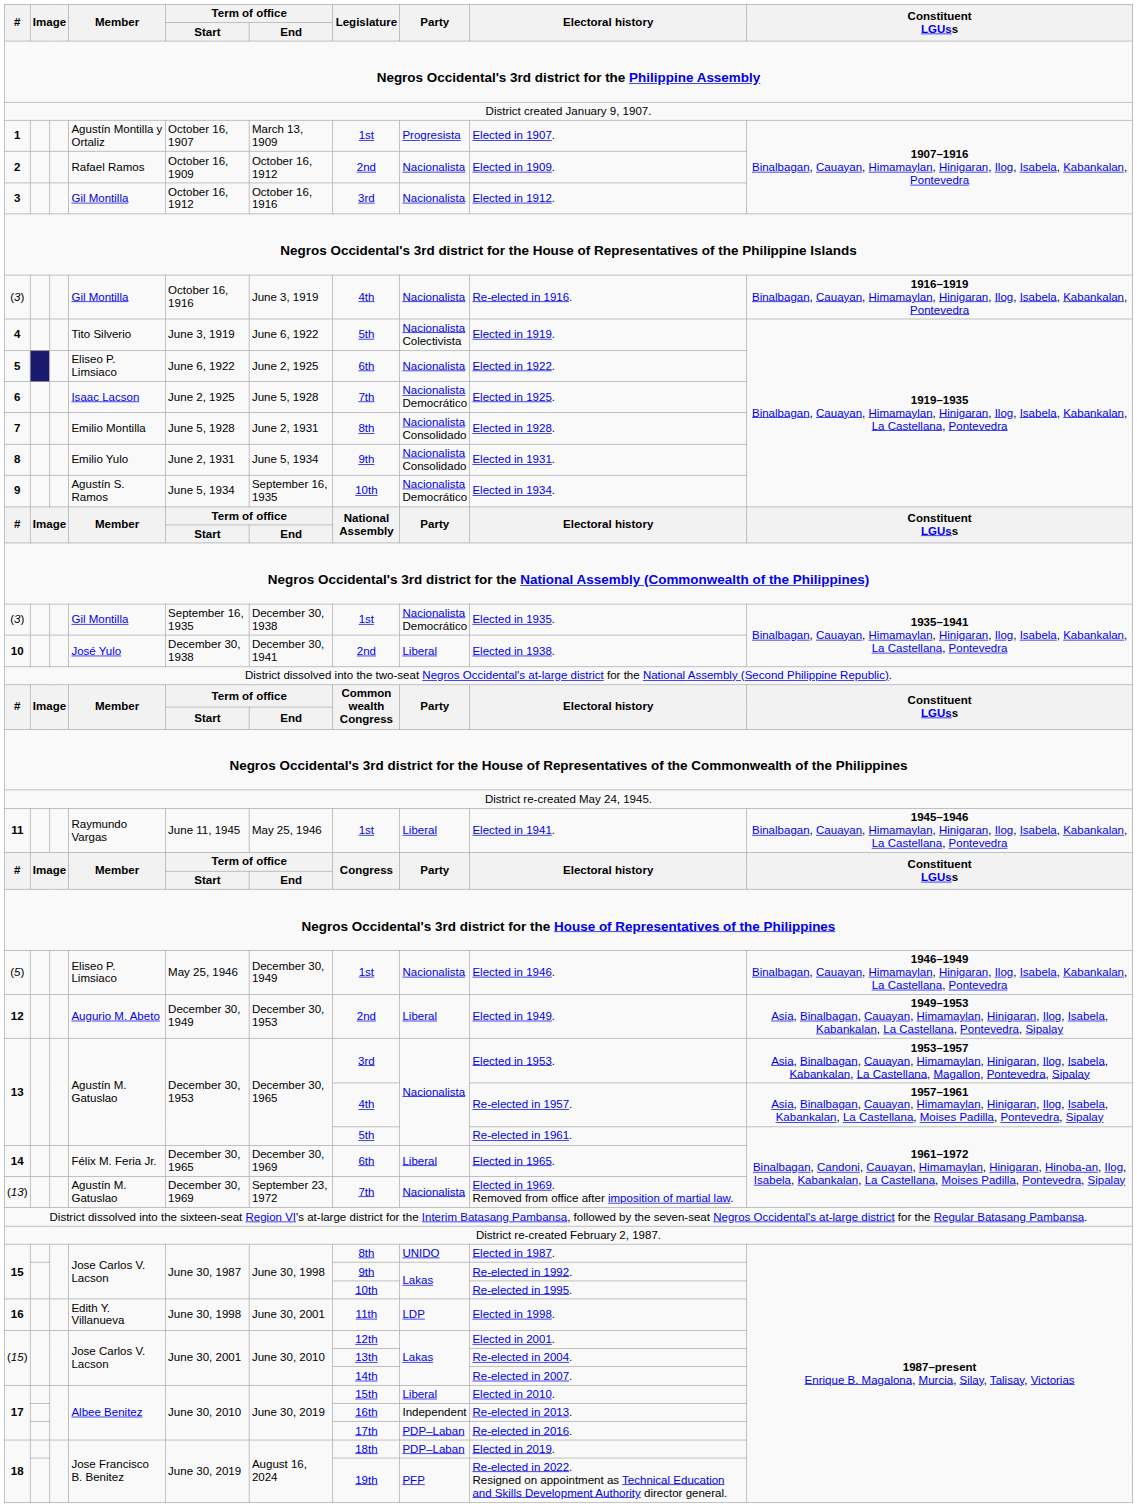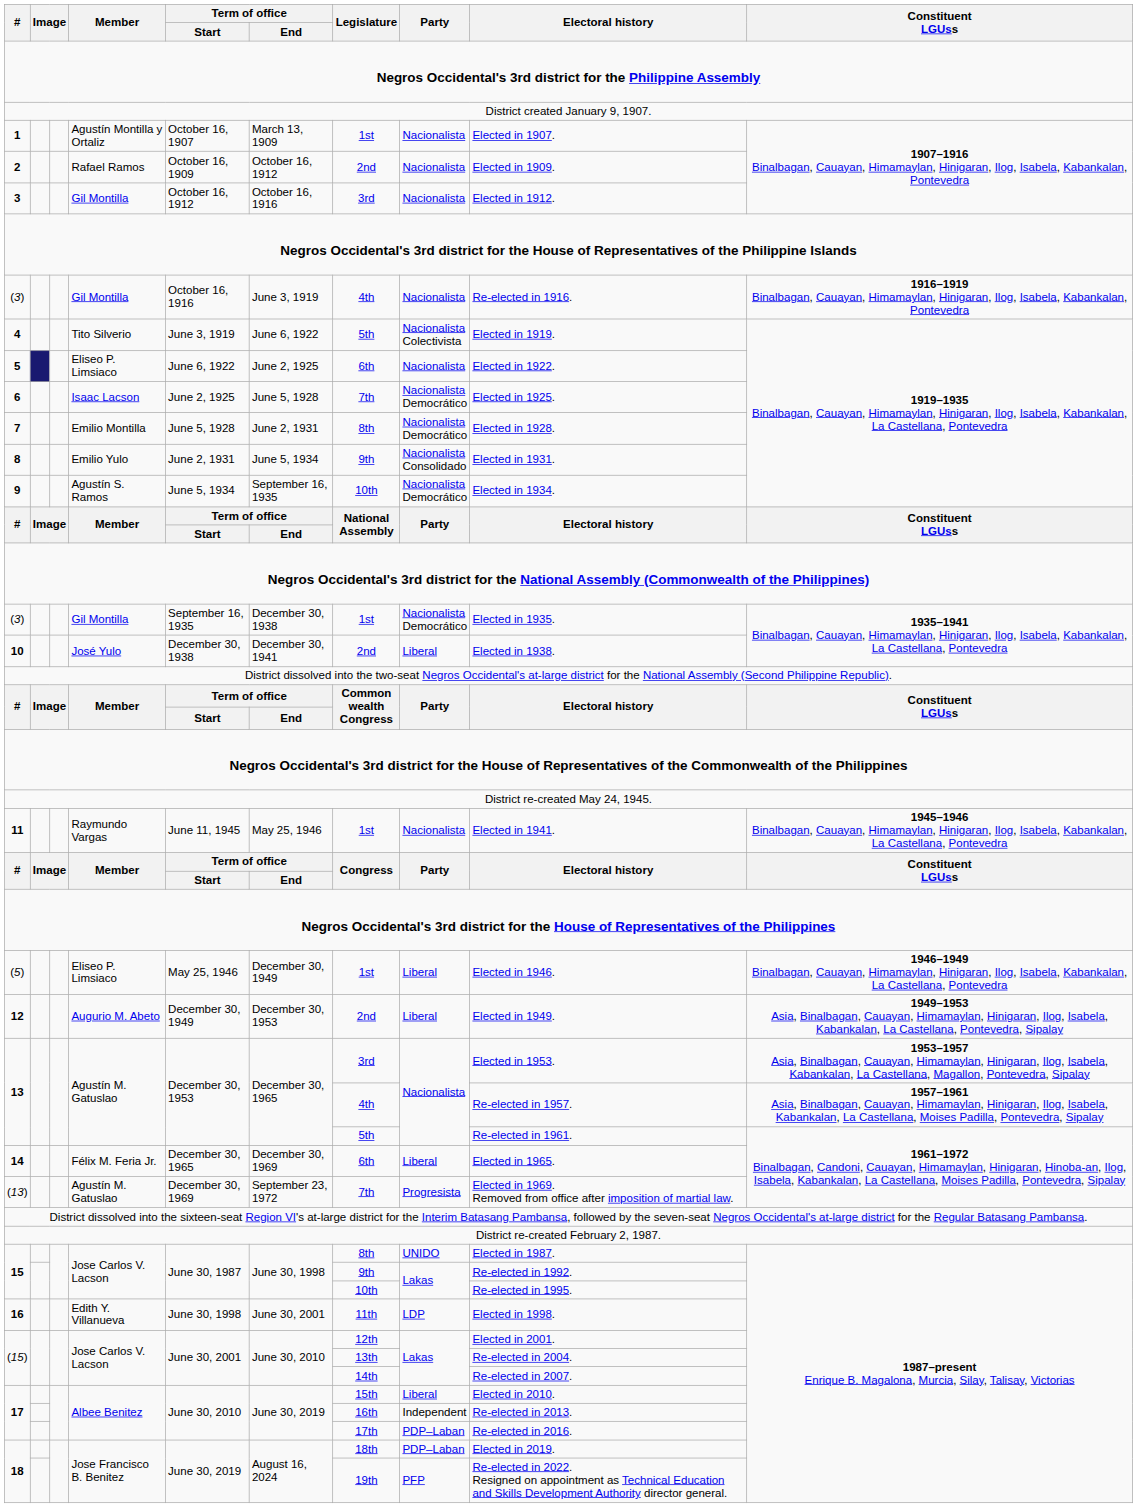 <table class=wikitable>
 <tr>
 <th rowspan="2">#</th>
 <th rowspan="2" colspan=2>Image</th>
 <th rowspan="2">Member</th>
 <th colspan=2>Term of office</th>
 <th rowspan="2">Legislature</th>
 <th rowspan="2">Party</th>
 <th rowspan="2">Electoral history</th>
 <th rowspan="2">Constituent<br><a href='#'>LGUs</a>s</th>
 </tr>
 <tr>
 <th>Start</th>
 <th>End</th>
 </tr>
 <tr>
 <td colspan="10" style="text-align:center;"><br><h3>Negros Occidental's 3rd district for the <a href='#'>Philippine Assembly</a></h3></td>
 </tr>
 <tr>
 <td colspan="10" style="text-align:center;">District created January 9, 1907.</td>
 </tr>
 <tr>
 <td style="text-align:center;"><strong>1</strong></td>
 <td style="color:inherit;background:"></td>
 <td></td>
 <td>Agustín Montilla y Ortaliz</td>
 <td>October 16, 1907</td>
 <td>March 13, 1909</td>
 <td style="text-align:center;"><a href='#'>1st</a></td>
-<td><a href='#'>Progresista</a></td>
+<td><a href='#'>Nacionalista</a></td>
 <td><a href='#'>Elected in 1907</a>.</td>
 <td rowspan="3" style="text-align:center;"><strong>1907–1916</strong><br><a href='#'>Binalbagan</a>, <a href='#'>Cauayan</a>, <a href='#'>Himamaylan</a>, <a href='#'>Hinigaran</a>, <a href='#'>Ilog</a>, <a href='#'>Isabela</a>, <a href='#'>Kabankalan</a>, <a href='#'>Pontevedra</a></td>
 </tr>
 <tr>
 <td style="text-align:center;"><strong>2</strong></td>
 <td style="color:inherit;background:"></td>
 <td></td>
 <td>Rafael Ramos</td>
 <td>October 16, 1909</td>
 <td>October 16, 1912</td>
 <td style="text-align:center;"><a href='#'>2nd</a></td>
 <td><a href='#'>Nacionalista</a></td>
 <td><a href='#'>Elected in 1909</a>.</td>
 </tr>
 <tr>
 <td style="text-align:center;"><strong>3</strong></td>
 <td style="color:inherit;background:"></td>
 <td></td>
 <td><a href='#'>Gil Montilla</a></td>
 <td>October 16, 1912</td>
 <td>October 16, 1916</td>
 <td style="text-align:center;"><a href='#'>3rd</a></td>
 <td><a href='#'>Nacionalista</a></td>
 <td><a href='#'>Elected in 1912</a>.</td>
 </tr>
 <tr>
 <td colspan="10" style="text-align:center;"><br><h3>Negros Occidental's 3rd district for the House of Representatives of the Philippine Islands</h3></td>
 </tr>
 <tr>
 <td style="text-align:center;">(<em>3</em>)</td>
 <td style="color:inherit;background:"></td>
 <td></td>
 <td><a href='#'>Gil Montilla</a></td>
 <td>October 16, 1916</td>
 <td>June 3, 1919</td>
 <td style="text-align:center;"><a href='#'>4th</a></td>
 <td><a href='#'>Nacionalista</a></td>
 <td><a href='#'>Re-elected in 1916</a>.</td>
 <td style="text-align:center;"><strong>1916–1919</strong><br><a href='#'>Binalbagan</a>, <a href='#'>Cauayan</a>, <a href='#'>Himamaylan</a>, <a href='#'>Hinigaran</a>, <a href='#'>Ilog</a>, <a href='#'>Isabela</a>, <a href='#'>Kabankalan</a>, <a href='#'>Pontevedra</a></td>
 </tr>
 <tr>
 <td style="text-align:center;"><strong>4</strong></td>
 <td style="color:inherit;background:"></td>
 <td></td>
 <td>Tito Silverio</td>
 <td>June 3, 1919</td>
 <td>June 6, 1922</td>
 <td style="text-align:center;"><a href='#'>5th</a></td>
 <td><a href='#'>Nacionalista</a><br>Colectivista</td>
 <td><a href='#'>Elected in 1919</a>.</td>
 <td rowspan="6" style="text-align:center;"><strong>1919–1935</strong><br><a href='#'>Binalbagan</a>, <a href='#'>Cauayan</a>, <a href='#'>Himamaylan</a>, <a href='#'>Hinigaran</a>, <a href='#'>Ilog</a>, <a href='#'>Isabela</a>, <a href='#'>Kabankalan</a>, <a href='#'>La Castellana</a>, <a href='#'>Pontevedra</a></td>
 </tr>
 <tr>
 <td style="text-align:center;"><strong>5</strong></td>
 <td style="background-color:#191970"></td>
 <td></td>
 <td>Eliseo P. Limsiaco</td>
 <td>June 6, 1922</td>
 <td>June 2, 1925</td>
 <td style="text-align:center;"><a href='#'>6th</a></td>
 <td><a href='#'>Nacionalista</a></td>
 <td><a href='#'>Elected in 1922</a>.</td>
 </tr>
 <tr>
 <td style="text-align:center;"><strong>6</strong></td>
 <td style="color:inherit;background:"></td>
 <td></td>
 <td><a href='#'>Isaac Lacson</a></td>
 <td>June 2, 1925</td>
 <td>June 5, 1928</td>
 <td style="text-align:center;"><a href='#'>7th</a></td>
 <td><a href='#'>Nacionalista</a><br>Democrático</td>
 <td><a href='#'>Elected in 1925</a>.</td>
 </tr>
 <tr>
 <td style="text-align:center;"><strong>7</strong></td>
 <td style="color:inherit;background:"></td>
 <td></td>
 <td>Emilio Montilla</td>
 <td>June 5, 1928</td>
 <td>June 2, 1931</td>
 <td style="text-align:center;"><a href='#'>8th</a></td>
-<td><a href='#'>Nacionalista</a><br>Consolidado</td>
+<td><a href='#'>Nacionalista</a><br>Democrático</td>
 <td><a href='#'>Elected in 1928</a>.</td>
 </tr>
 <tr>
 <td style="text-align:center;"><strong>8</strong></td>
 <td style="color:inherit;background:"></td>
 <td></td>
 <td>Emilio Yulo</td>
 <td>June 2, 1931</td>
 <td>June 5, 1934</td>
 <td style="text-align:center;"><a href='#'>9th</a></td>
 <td><a href='#'>Nacionalista</a><br>Consolidado</td>
 <td><a href='#'>Elected in 1931</a>.</td>
 </tr>
 <tr>
 <td style="text-align:center;"><strong>9</strong></td>
 <td style="color:inherit;background:"></td>
 <td></td>
 <td>Agustín S. Ramos</td>
 <td>June 5, 1934</td>
 <td>September 16, 1935</td>
 <td style="text-align:center;"><a href='#'>10th</a></td>
 <td><a href='#'>Nacionalista</a><br>Democrático</td>
 <td><a href='#'>Elected in 1934</a>.</td>
 </tr>
 <tr>
 <th rowspan="2">#</th>
 <th rowspan="2" colspan=2>Image</th>
 <th rowspan="2">Member</th>
 <th colspan=2>Term of office</th>
 <th rowspan="2">National<br>Assembly</th>
 <th rowspan="2">Party</th>
 <th rowspan="2">Electoral history</th>
 <th rowspan="2">Constituent<br><a href='#'>LGUs</a>s</th>
 </tr>
 <tr>
 <th>Start</th>
 <th>End</th>
 </tr>
 <tr>
 <td colspan="10" style="text-align:center;"><br><h3>Negros Occidental's 3rd district for the <a href='#'>National Assembly (Commonwealth of the Philippines)</a></h3></td>
 </tr>
 <tr>
 <td style="text-align:center;">(<em>3</em>)</td>
 <td style="color:inherit;background:"></td>
 <td></td>
 <td><a href='#'>Gil Montilla</a></td>
 <td>September 16, 1935</td>
 <td>December 30, 1938</td>
 <td style="text-align:center;"><a href='#'>1st</a></td>
 <td><a href='#'>Nacionalista</a><br>Democrático</td>
 <td><a href='#'>Elected in 1935</a>.</td>
 <td rowspan="2" style="text-align:center;"><strong>1935–1941</strong><br><a href='#'>Binalbagan</a>, <a href='#'>Cauayan</a>, <a href='#'>Himamaylan</a>, <a href='#'>Hinigaran</a>, <a href='#'>Ilog</a>, <a href='#'>Isabela</a>, <a href='#'>Kabankalan</a>, <a href='#'>La Castellana</a>, <a href='#'>Pontevedra</a></td>
 </tr>
 <tr>
 <td style="text-align:center;"><strong>10</strong></td>
 <td style="color:inherit;background:"></td>
 <td></td>
 <td><a href='#'>José Yulo</a></td>
 <td>December 30, 1938</td>
 <td>December 30, 1941</td>
 <td style="text-align:center;"><a href='#'>2nd</a></td>
 <td><a href='#'>Liberal</a></td>
 <td><a href='#'>Elected in 1938</a>.</td>
 </tr>
 <tr>
 <td colspan="10" style="text-align:center;">District dissolved into the two-seat <a href='#'>Negros Occidental's at-large district</a> for the <a href='#'>National Assembly (Second Philippine Republic)</a>.</td>
 </tr>
 <tr>
 <th rowspan="2">#</th>
 <th rowspan="2" colspan=2>Image</th>
 <th rowspan="2">Member</th>
 <th colspan=2>Term of office</th>
 <th rowspan="2">Common<br>wealth<br>Congress</th>
 <th rowspan="2">Party</th>
 <th rowspan="2">Electoral history</th>
 <th rowspan="2">Constituent<br><a href='#'>LGUs</a>s</th>
 </tr>
 <tr>
 <th>Start</th>
 <th>End</th>
 </tr>
 <tr>
 <td colspan="10" style="text-align:center;"><br><h3>Negros Occidental's 3rd district for the House of Representatives of the Commonwealth of the Philippines</h3></td>
 </tr>
 <tr>
 <td colspan="10" style="text-align:center;">District re-created May 24, 1945.</td>
 </tr>
 <tr>
 <td style="text-align:center;"><strong>11</strong></td>
 <td style="color:inherit;background:"></td>
 <td></td>
 <td>Raymundo Vargas</td>
 <td>June 11, 1945</td>
 <td>May 25, 1946</td>
 <td style="text-align:center;"><a href='#'>1st</a></td>
-<td><a href='#'>Liberal</a></td>
+<td><a href='#'>Nacionalista</a></td>
 <td><a href='#'>Elected in 1941</a>.</td>
 <td style="text-align:center;"><strong>1945–1946</strong><br><a href='#'>Binalbagan</a>, <a href='#'>Cauayan</a>, <a href='#'>Himamaylan</a>, <a href='#'>Hinigaran</a>, <a href='#'>Ilog</a>, <a href='#'>Isabela</a>, <a href='#'>Kabankalan</a>, <a href='#'>La Castellana</a>, <a href='#'>Pontevedra</a></td>
 </tr>
 <tr>
 <th rowspan="2">#</th>
 <th rowspan="2" colspan=2>Image</th>
 <th rowspan="2">Member</th>
 <th colspan=2>Term of office</th>
 <th rowspan="2">Congress</th>
 <th rowspan="2">Party</th>
 <th rowspan="2">Electoral history</th>
 <th rowspan="2">Constituent<br><a href='#'>LGUs</a>s</th>
 </tr>
 <tr>
 <th>Start</th>
 <th>End</th>
 </tr>
 <tr>
 <td colspan="10" style="text-align:center;"><br><h3>Negros Occidental's 3rd district for the <a href='#'>House of Representatives of the Philippines</a></h3></td>
 </tr>
 <tr>
 <td style="text-align:center;">(<em>5</em>)</td>
 <td style="color:inherit;background:"></td>
 <td></td>
 <td>Eliseo P. Limsiaco</td>
 <td>May 25, 1946</td>
 <td>December 30, 1949</td>
 <td style="text-align:center;"><a href='#'>1st</a></td>
-<td><a href='#'>Nacionalista</a></td>
+<td><a href='#'>Liberal</a></td>
 <td><a href='#'>Elected in 1946</a>.</td>
 <td style="text-align:center;"><strong>1946–1949</strong><br><a href='#'>Binalbagan</a>, <a href='#'>Cauayan</a>, <a href='#'>Himamaylan</a>, <a href='#'>Hinigaran</a>, <a href='#'>Ilog</a>, <a href='#'>Isabela</a>, <a href='#'>Kabankalan</a>, <a href='#'>La Castellana</a>, <a href='#'>Pontevedra</a></td>
 </tr>
 <tr>
 <td style="text-align:center;"><strong>12</strong></td>
 <td style="color:inherit;background:"></td>
 <td></td>
 <td><a href='#'>Augurio M. Abeto</a></td>
 <td>December 30, 1949</td>
 <td>December 30, 1953</td>
 <td style="text-align:center;"><a href='#'>2nd</a></td>
 <td><a href='#'>Liberal</a></td>
 <td><a href='#'>Elected in 1949</a>.</td>
 <td style="text-align:center;"><strong>1949–1953</strong><br><a href='#'>Asia</a>, <a href='#'>Binalbagan</a>, <a href='#'>Cauayan</a>, <a href='#'>Himamaylan</a>, <a href='#'>Hinigaran</a>, <a href='#'>Ilog</a>, <a href='#'>Isabela</a>, <a href='#'>Kabankalan</a>, <a href='#'>La Castellana</a>, <a href='#'>Pontevedra</a>, <a href='#'>Sipalay</a></td>
 </tr>
 <tr>
 <td rowspan="3" style="text-align:center;"><strong>13</strong></td>
 <td rowspan="3" style="color:inherit;background:"></td>
 <td rowspan="3"></td>
 <td rowspan="3">Agustín M. Gatuslao</td>
 <td rowspan="3">December 30, 1953</td>
 <td rowspan="3">December 30, 1965</td>
 <td style="text-align:center;"><a href='#'>3rd</a></td>
 <td rowspan="3"><a href='#'>Nacionalista</a></td>
 <td><a href='#'>Elected in 1953</a>.</td>
 <td style="text-align:center;"><strong>1953–1957</strong><br><a href='#'>Asia</a>, <a href='#'>Binalbagan</a>, <a href='#'>Cauayan</a>, <a href='#'>Himamaylan</a>, <a href='#'>Hinigaran</a>, <a href='#'>Ilog</a>, <a href='#'>Isabela</a>, <a href='#'>Kabankalan</a>, <a href='#'>La Castellana</a>, <a href='#'>Magallon</a>, <a href='#'>Pontevedra</a>, <a href='#'>Sipalay</a></td>
 </tr>
 <tr>
 <td style="text-align:center;"><a href='#'>4th</a></td>
 <td><a href='#'>Re-elected in 1957</a>.</td>
 <td style="text-align:center;"><strong>1957–1961</strong><br><a href='#'>Asia</a>, <a href='#'>Binalbagan</a>, <a href='#'>Cauayan</a>, <a href='#'>Himamaylan</a>, <a href='#'>Hinigaran</a>, <a href='#'>Ilog</a>, <a href='#'>Isabela</a>, <a href='#'>Kabankalan</a>, <a href='#'>La Castellana</a>, <a href='#'>Moises Padilla</a>, <a href='#'>Pontevedra</a>, <a href='#'>Sipalay</a></td>
 </tr>
 <tr>
 <td style="text-align:center;"><a href='#'>5th</a></td>
 <td><a href='#'>Re-elected in 1961</a>.</td>
 <td rowspan="3" style="text-align:center;"><strong>1961–1972</strong><br><a href='#'>Binalbagan</a>, <a href='#'>Candoni</a>, <a href='#'>Cauayan</a>, <a href='#'>Himamaylan</a>, <a href='#'>Hinigaran</a>, <a href='#'>Hinoba-an</a>, <a href='#'>Ilog</a>, <a href='#'>Isabela</a>, <a href='#'>Kabankalan</a>, <a href='#'>La Castellana</a>, <a href='#'>Moises Padilla</a>, <a href='#'>Pontevedra</a>, <a href='#'>Sipalay</a></td>
 </tr>
 <tr>
 <td style="text-align:center;"><strong>14</strong></td>
 <td style="color:inherit;background:"></td>
 <td></td>
 <td>Félix M. Feria Jr.</td>
 <td>December 30, 1965</td>
 <td>December 30, 1969</td>
 <td style="text-align:center;"><a href='#'>6th</a></td>
 <td><a href='#'>Liberal</a></td>
 <td><a href='#'>Elected in 1965</a>.</td>
 </tr>
 <tr>
 <td style="text-align:center;">(<em>13</em>)</td>
 <td style="color:inherit;background:"></td>
 <td></td>
 <td>Agustín M. Gatuslao</td>
 <td>December 30, 1969</td>
 <td>September 23, 1972</td>
 <td style="text-align:center;"><a href='#'>7th</a></td>
-<td><a href='#'>Nacionalista</a></td>
+<td><a href='#'>Progresista</a></td>
 <td><a href='#'>Elected in 1969</a>.<br>Removed from office after <a href='#'>imposition of martial law</a>.</td>
 </tr>
 <tr>
 <td colspan="10" style="text-align:center;">District dissolved into the sixteen-seat <a href='#'>Region VI</a>'s at-large district for the <a href='#'>Interim Batasang Pambansa</a>, followed by the seven-seat <a href='#'>Negros Occidental's at-large district</a> for the <a href='#'>Regular Batasang Pambansa</a>.</td>
 </tr>
 <tr>
 <td colspan="10" style="text-align:center;">District re-created February 2, 1987.</td>
 </tr>
 <tr>
 <td rowspan="3" style="text-align:center;"><strong>15</strong></td>
 <td style="color:inherit;background:"></td>
 <td rowspan="3"></td>
 <td rowspan="3">Jose Carlos V. Lacson</td>
 <td rowspan="3">June 30, 1987</td>
 <td rowspan="3">June 30, 1998</td>
 <td style="text-align:center;"><a href='#'>8th</a></td>
 <td><a href='#'>UNIDO</a></td>
 <td><a href='#'>Elected in 1987</a>.</td>
 <td rowspan="13" style="text-align:center;"><strong>1987–present</strong><br><a href='#'>Enrique B. Magalona</a>, <a href='#'>Murcia</a>, <a href='#'>Silay</a>, <a href='#'>Talisay</a>, <a href='#'>Victorias</a></td>
 </tr>
 <tr>
 <td rowspan="2" style="color:inherit;background:"></td>
 <td style="text-align:center;"><a href='#'>9th</a></td>
 <td rowspan="2"><a href='#'>Lakas</a></td>
 <td><a href='#'>Re-elected in 1992</a>.</td>
 </tr>
 <tr>
 <td style="text-align:center;"><a href='#'>10th</a></td>
 <td><a href='#'>Re-elected in 1995</a>.</td>
 </tr>
 <tr>
 <td style="text-align:center;"><strong>16</strong></td>
 <td style="color:inherit;background:"></td>
 <td></td>
 <td>Edith Y. Villanueva</td>
 <td>June 30, 1998</td>
 <td>June 30, 2001</td>
 <td style="text-align:center;"><a href='#'>11th</a></td>
 <td><a href='#'>LDP</a></td>
 <td><a href='#'>Elected in 1998</a>.</td>
 </tr>
 <tr>
 <td rowspan="3" style="text-align:center;">(<em>15</em>)</td>
 <td rowspan="3" style="color:inherit;background:"></td>
 <td rowspan="3"></td>
 <td rowspan="3">Jose Carlos V. Lacson</td>
 <td rowspan="3">June 30, 2001</td>
 <td rowspan="3">June 30, 2010</td>
 <td style="text-align:center;"><a href='#'>12th</a></td>
 <td rowspan="3"><a href='#'>Lakas</a></td>
 <td><a href='#'>Elected in 2001</a>.</td>
 </tr>
 <tr>
 <td style="text-align:center;"><a href='#'>13th</a></td>
 <td><a href='#'>Re-elected in 2004</a>.</td>
 </tr>
 <tr>
 <td style="text-align:center;"><a href='#'>14th</a></td>
 <td><a href='#'>Re-elected in 2007</a>.</td>
 </tr>
 <tr>
 <td rowspan="3" style="text-align:center;"><strong>17</strong></td>
 <td style="color:inherit;background:"></td>
 <td rowspan="3"></td>
 <td rowspan="3"><a href='#'>Albee Benitez</a></td>
 <td rowspan="3">June 30, 2010</td>
 <td rowspan="3">June 30, 2019</td>
 <td style="text-align:center;"><a href='#'>15th</a></td>
 <td><a href='#'>Liberal</a></td>
 <td><a href='#'>Elected in 2010</a>.</td>
 </tr>
 <tr>
 <td style="color:inherit;background:"></td>
 <td style="text-align:center;"><a href='#'>16th</a></td>
 <td>Independent</td>
 <td><a href='#'>Re-elected in 2013</a>.</td>
 </tr>
 <tr>
 <td style="color:inherit;background:"></td>
 <td style="text-align:center;"><a href='#'>17th</a></td>
 <td><a href='#'>PDP–Laban</a></td>
 <td><a href='#'>Re-elected in 2016</a>.</td>
 </tr>
 <tr>
 <td rowspan="2" style="text-align:center;"><strong>18</strong></td>
 <td style="color:inherit;background:"></td>
 <td rowspan="2"></td>
 <td rowspan="2">Jose Francisco B. Benitez</td>
 <td rowspan="2">June 30, 2019</td>
 <td rowspan="2">August 16, 2024</td>
 <td style="text-align:center;"><a href='#'>18th</a></td>
 <td><a href='#'>PDP–Laban</a></td>
 <td><a href='#'>Elected in 2019</a>.</td>
 </tr>
 <tr>
 <td style="color:inherit;background:"></td>
 <td style="text-align:center;"><a href='#'>19th</a></td>
 <td><a href='#'>PFP</a></td>
 <td><a href='#'>Re-elected in 2022</a>.<br>Resigned on appointment as <a href='#'>Technical Education and Skills Development Authority</a> director general.</td>
 </tr>
 </table>
